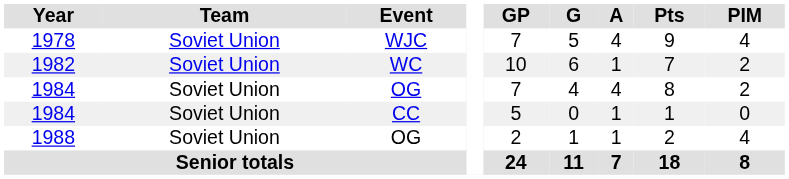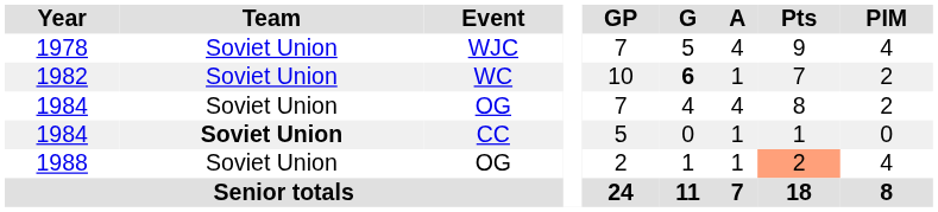 <table border="0" cellpadding="1" cellspacing="0" style="text-align:center; width:40em">
 <tr ALIGN="center" bgcolor="#e0e0e0">
 <th>Year</th>
 <th>Team</th>
 <th>Event</th>
 <th ALIGN="center" rowspan="99" bgcolor="#ffffff"> </th>
 <th>GP</th>
 <th>G</th>
 <th>A</th>
 <th>Pts</th>
 <th>PIM</th>
 </tr>
 <tr>
 <td><a href='#'>1978</a></td>
 <td><a href='#'>Soviet Union</a></td>
 <td><a href='#'>WJC</a></td>
 <td>7</td>
 <td>5</td>
 <td>4</td>
 <td>9</td>
 <td>4</td>
 </tr>
 <tr bgcolor="#f0f0f0">
 <td><a href='#'>1982</a></td>
 <td><a href='#'>Soviet Union</a></td>
 <td><a href='#'>WC</a></td>
 <td>10</td>
-<td>6</td>
+<td><strong>6</strong></td>
 <td>1</td>
 <td>7</td>
 <td>2</td>
 </tr>
 <tr>
 <td><a href='#'>1984</a></td>
 <td>Soviet Union</td>
 <td><a href='#'>OG</a></td>
 <td>7</td>
 <td>4</td>
 <td>4</td>
 <td>8</td>
 <td>2</td>
 </tr>
 <tr bgcolor="#f0f0f0">
 <td><a href='#'>1984</a></td>
-<td>Soviet Union</td>
+<td><strong>Soviet Union</strong></td>
 <td><a href='#'>CC</a></td>
 <td>5</td>
 <td>0</td>
 <td>1</td>
 <td>1</td>
 <td>0</td>
 </tr>
 <tr>
 <td><a href='#'>1988</a></td>
 <td>Soviet Union</td>
 <td>OG</td>
 <td>2</td>
 <td>1</td>
 <td>1</td>
-<td>2</td>
+<td style="background: lightsalmon;">2</td>
 <td>4</td>
 </tr>
 <tr bgcolor="#e0e0e0">
 <th colspan=3>Senior totals</th>
 <th>24</th>
 <th>11</th>
 <th>7</th>
 <th>18</th>
 <th>8</th>
 </tr>
 </table>
